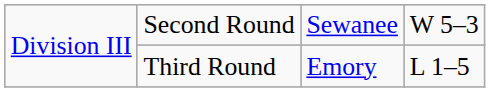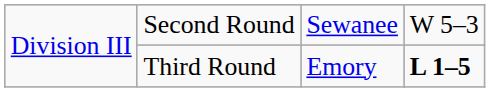 <table class="wikitable">
 <tr>
 <td rowspan="5"><a href='#'>Division III</a></td>
 <td>Second Round</td>
 <td><a href='#'>Sewanee</a></td>
 <td>W 5–3</td>
 </tr>
 <tr>
 <td>Third Round</td>
 <td><a href='#'>Emory</a></td>
-<td>L 1–5</td>
+<td><strong>L 1–5</strong></td>
 </tr>
 </table>
